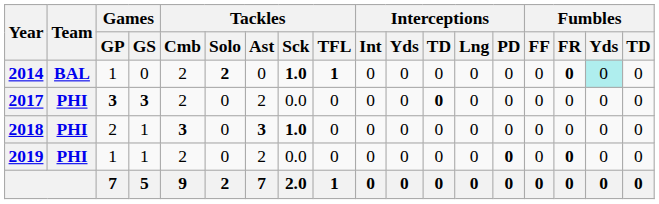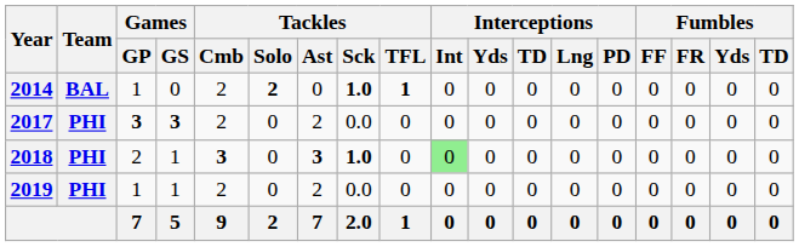 <table class="wikitable" style="text-align:center">
 <tr>
 <th rowspan="2">Year</th>
 <th rowspan="2">Team</th>
 <th colspan="2">Games</th>
 <th colspan="5">Tackles</th>
 <th colspan="5">Interceptions</th>
 <th colspan="4">Fumbles</th>
 </tr>
 <tr>
 <th>GP</th>
 <th>GS</th>
 <th>Cmb</th>
 <th>Solo</th>
 <th>Ast</th>
 <th>Sck</th>
 <th>TFL</th>
 <th>Int</th>
 <th>Yds</th>
 <th>TD</th>
 <th>Lng</th>
 <th>PD</th>
 <th>FF</th>
 <th>FR</th>
 <th>Yds</th>
 <th>TD</th>
 </tr>
 <tr>
 <th><a href='#'>2014</a></th>
 <th><a href='#'>BAL</a></th>
 <td>1</td>
 <td>0</td>
 <td>2</td>
 <td><strong>2</strong></td>
 <td>0</td>
 <td><strong>1.0</strong></td>
 <td><strong>1</strong></td>
 <td>0</td>
 <td>0</td>
 <td>0</td>
 <td>0</td>
 <td>0</td>
 <td>0</td>
-<td><strong>0</strong></td>
-<td style="background: paleturquoise;">0</td>
+<td>0</td>
+<td>0</td>
 <td>0</td>
 </tr>
 <tr>
 <th><a href='#'>2017</a></th>
 <th><a href='#'>PHI</a></th>
 <td><strong>3</strong></td>
 <td><strong>3</strong></td>
 <td>2</td>
 <td>0</td>
 <td>2</td>
 <td>0.0</td>
 <td>0</td>
 <td>0</td>
 <td>0</td>
-<td><strong>0</strong></td>
+<td>0</td>
 <td>0</td>
 <td>0</td>
 <td>0</td>
 <td>0</td>
 <td>0</td>
 <td>0</td>
 </tr>
 <tr>
 <th><a href='#'>2018</a></th>
 <th><a href='#'>PHI</a></th>
 <td>2</td>
 <td>1</td>
 <td><strong>3</strong></td>
 <td>0</td>
 <td><strong>3</strong></td>
 <td><strong>1.0</strong></td>
 <td>0</td>
-<td>0</td>
+<td style="background: lightgreen;">0</td>
 <td>0</td>
 <td>0</td>
 <td>0</td>
 <td>0</td>
 <td>0</td>
 <td>0</td>
 <td>0</td>
 <td>0</td>
 </tr>
 <tr>
 <th><a href='#'>2019</a></th>
 <th><a href='#'>PHI</a></th>
 <td>1</td>
 <td>1</td>
 <td>2</td>
 <td>0</td>
 <td>2</td>
 <td>0.0</td>
 <td>0</td>
 <td>0</td>
 <td>0</td>
 <td>0</td>
 <td>0</td>
-<td><strong>0</strong></td>
 <td>0</td>
-<td><strong>0</strong></td>
+<td>0</td>
+<td>0</td>
 <td>0</td>
 <td>0</td>
 </tr>
 <tr>
 <th colspan="2"></th>
 <th>7</th>
 <th>5</th>
 <th>9</th>
 <th>2</th>
 <th>7</th>
 <th>2.0</th>
 <th>1</th>
 <th>0</th>
 <th>0</th>
 <th>0</th>
 <th>0</th>
 <th>0</th>
 <th>0</th>
 <th>0</th>
 <th>0</th>
 <th>0</th>
 </tr>
 </table>
